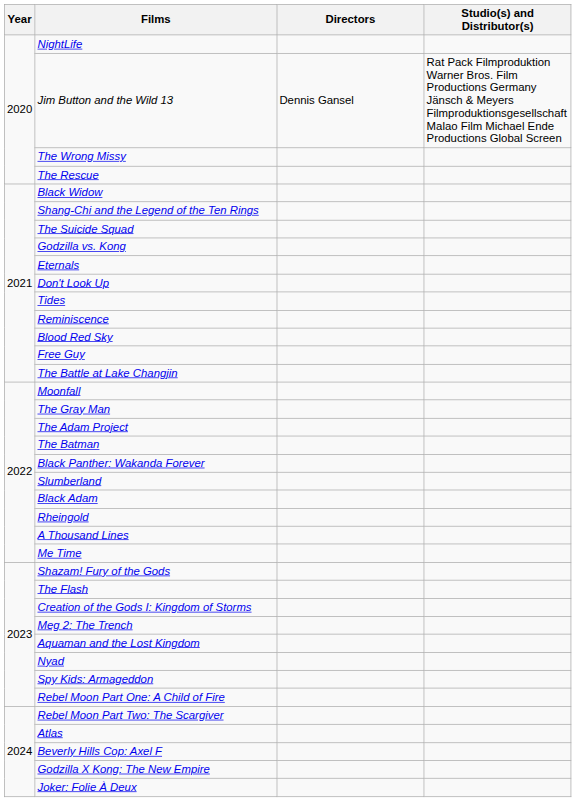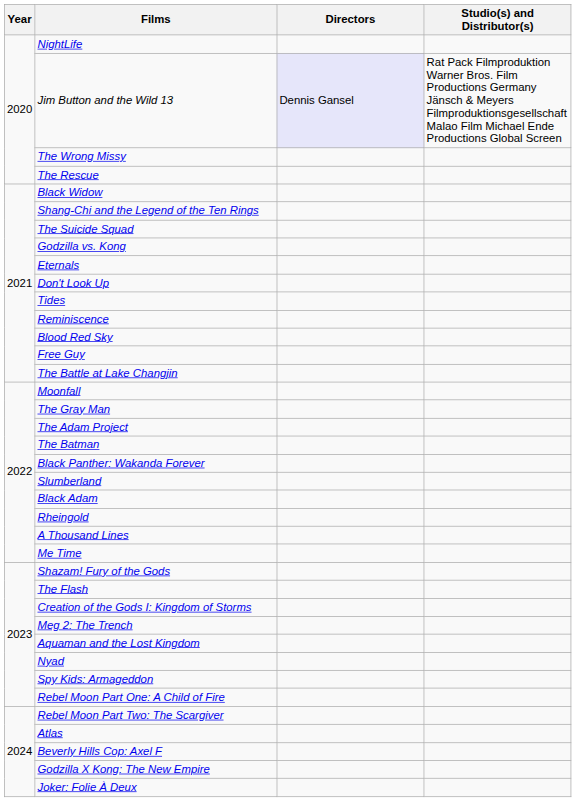 <table class="wikitable mw-collapsible">
 <tr>
 <th>Year</th>
 <th scope=col style="width: 250pt;">Films</th>
 <th scope=col style="width: 150pt;">Directors</th>
 <th scope=col style="width: 150pt;">Studio(s) and Distributor(s)</th>
 </tr>
 <tr>
 <td rowspan="4">2020</td>
 <td><a href='#'><em>NightLife</em></a></td>
 <td></td>
 <td></td>
 </tr>
 <tr>
 <td><em>Jim Button and the Wild 13</em></td>
-<td>Dennis Gansel</td>
+<td style="background: lavender;">Dennis Gansel</td>
 <td>Rat Pack Filmproduktion<br>Warner Bros. Film Productions Germany Jänsch & Meyers Filmproduktionsgesellschaft Malao Film Michael Ende Productions Global Screen</td>
 </tr>
 <tr>
 <td><em><a href='#'>The Wrong Missy</a></em></td>
 <td></td>
 <td></td>
 </tr>
 <tr>
 <td><a href='#'><em>The Rescue</em></a></td>
 <td></td>
 <td></td>
 </tr>
 <tr>
 <td rowspan="11">2021</td>
 <td><a href='#'><em>Black Widow</em></a></td>
 <td></td>
 <td></td>
 </tr>
 <tr>
 <td><em><a href='#'>Shang-Chi and the Legend of the Ten Rings</a></em></td>
 <td></td>
 <td></td>
 </tr>
 <tr>
 <td><a href='#'><em>The Suicide Squad</em></a></td>
 <td></td>
 <td></td>
 </tr>
 <tr>
 <td><em><a href='#'>Godzilla vs. Kong</a></em></td>
 <td></td>
 <td></td>
 </tr>
 <tr>
 <td><a href='#'><em>Eternals</em></a></td>
 <td></td>
 <td></td>
 </tr>
 <tr>
 <td><em><a href='#'>Don't Look Up</a></em></td>
 <td></td>
 <td></td>
 </tr>
 <tr>
 <td><a href='#'><em>Tides</em></a></td>
 <td></td>
 <td></td>
 </tr>
 <tr>
 <td><a href='#'><em>Reminiscence</em></a></td>
 <td></td>
 <td></td>
 </tr>
 <tr>
 <td><em><a href='#'>Blood Red Sky</a></em></td>
 <td></td>
 <td></td>
 </tr>
 <tr>
 <td><em><a href='#'>Free Guy</a></em></td>
 <td></td>
 <td></td>
 </tr>
 <tr>
 <td><em><a href='#'>The Battle at Lake Changjin</a></em></td>
 <td></td>
 <td></td>
 </tr>
 <tr>
 <td rowspan="10">2022</td>
 <td><a href='#'><em>Moonfall</em></a></td>
 <td></td>
 <td></td>
 </tr>
 <tr>
 <td><a href='#'><em>The Gray Man</em></a></td>
 <td></td>
 <td></td>
 </tr>
 <tr>
 <td><em><a href='#'>The Adam Project</a></em></td>
 <td></td>
 <td></td>
 </tr>
 <tr>
 <td><a href='#'><em>The Batman</em></a></td>
 <td></td>
 <td></td>
 </tr>
 <tr>
 <td><em><a href='#'>Black Panther: Wakanda Forever</a></em></td>
 <td></td>
 <td></td>
 </tr>
 <tr>
 <td><a href='#'><em>Slumberland</em></a></td>
 <td></td>
 <td></td>
 </tr>
 <tr>
 <td><a href='#'><em>Black Adam</em></a></td>
 <td></td>
 <td></td>
 </tr>
 <tr>
 <td><em><a href='#'>Rheingold</a></em></td>
 <td></td>
 <td></td>
 </tr>
 <tr>
 <td><em><a href='#'>A Thousand Lines</a></em></td>
 <td></td>
 <td></td>
 </tr>
 <tr>
 <td><em><a href='#'>Me Time</a></em></td>
 <td></td>
 <td></td>
 </tr>
 <tr>
 <td rowspan="8">2023</td>
 <td><em><a href='#'>Shazam! Fury of the Gods</a></em></td>
 <td></td>
 <td></td>
 </tr>
 <tr>
 <td><a href='#'><em>The Flash</em></a></td>
 <td></td>
 <td></td>
 </tr>
 <tr>
 <td><em><a href='#'>Creation of the Gods I: Kingdom of Storms</a></em></td>
 <td></td>
 <td></td>
 </tr>
 <tr>
 <td><em><a href='#'>Meg 2: The Trench</a></em></td>
 <td></td>
 <td></td>
 </tr>
 <tr>
 <td><em><a href='#'>Aquaman and the Lost Kingdom</a></em></td>
 <td></td>
 <td></td>
 </tr>
 <tr>
 <td><em><a href='#'>Nyad</a></em></td>
 <td></td>
 <td></td>
 </tr>
 <tr>
 <td><em><a href='#'>Spy Kids: Armageddon</a></em></td>
 <td></td>
 <td></td>
 </tr>
 <tr>
 <td><em><a href='#'>Rebel Moon Part One: A Child of Fire</a></em></td>
 <td></td>
 <td></td>
 </tr>
 <tr>
 <td rowspan="5">2024</td>
 <td><em><a href='#'>Rebel Moon Part Two: The Scargiver</a></em></td>
 <td></td>
 <td></td>
 </tr>
 <tr>
 <td><em><a href='#'>Atlas</a></em></td>
 <td></td>
 <td></td>
 </tr>
 <tr>
 <td><em><a href='#'>Beverly Hills Cop: Axel F</a></em></td>
 <td></td>
 <td></td>
 </tr>
 <tr>
 <td><em><a href='#'>Godzilla X Kong: The New Empire</a></em></td>
 <td></td>
 <td></td>
 </tr>
 <tr>
 <td><em><a href='#'>Joker: Folie À Deux</a></em></td>
 <td></td>
 <td></td>
 </tr>
 </table>
